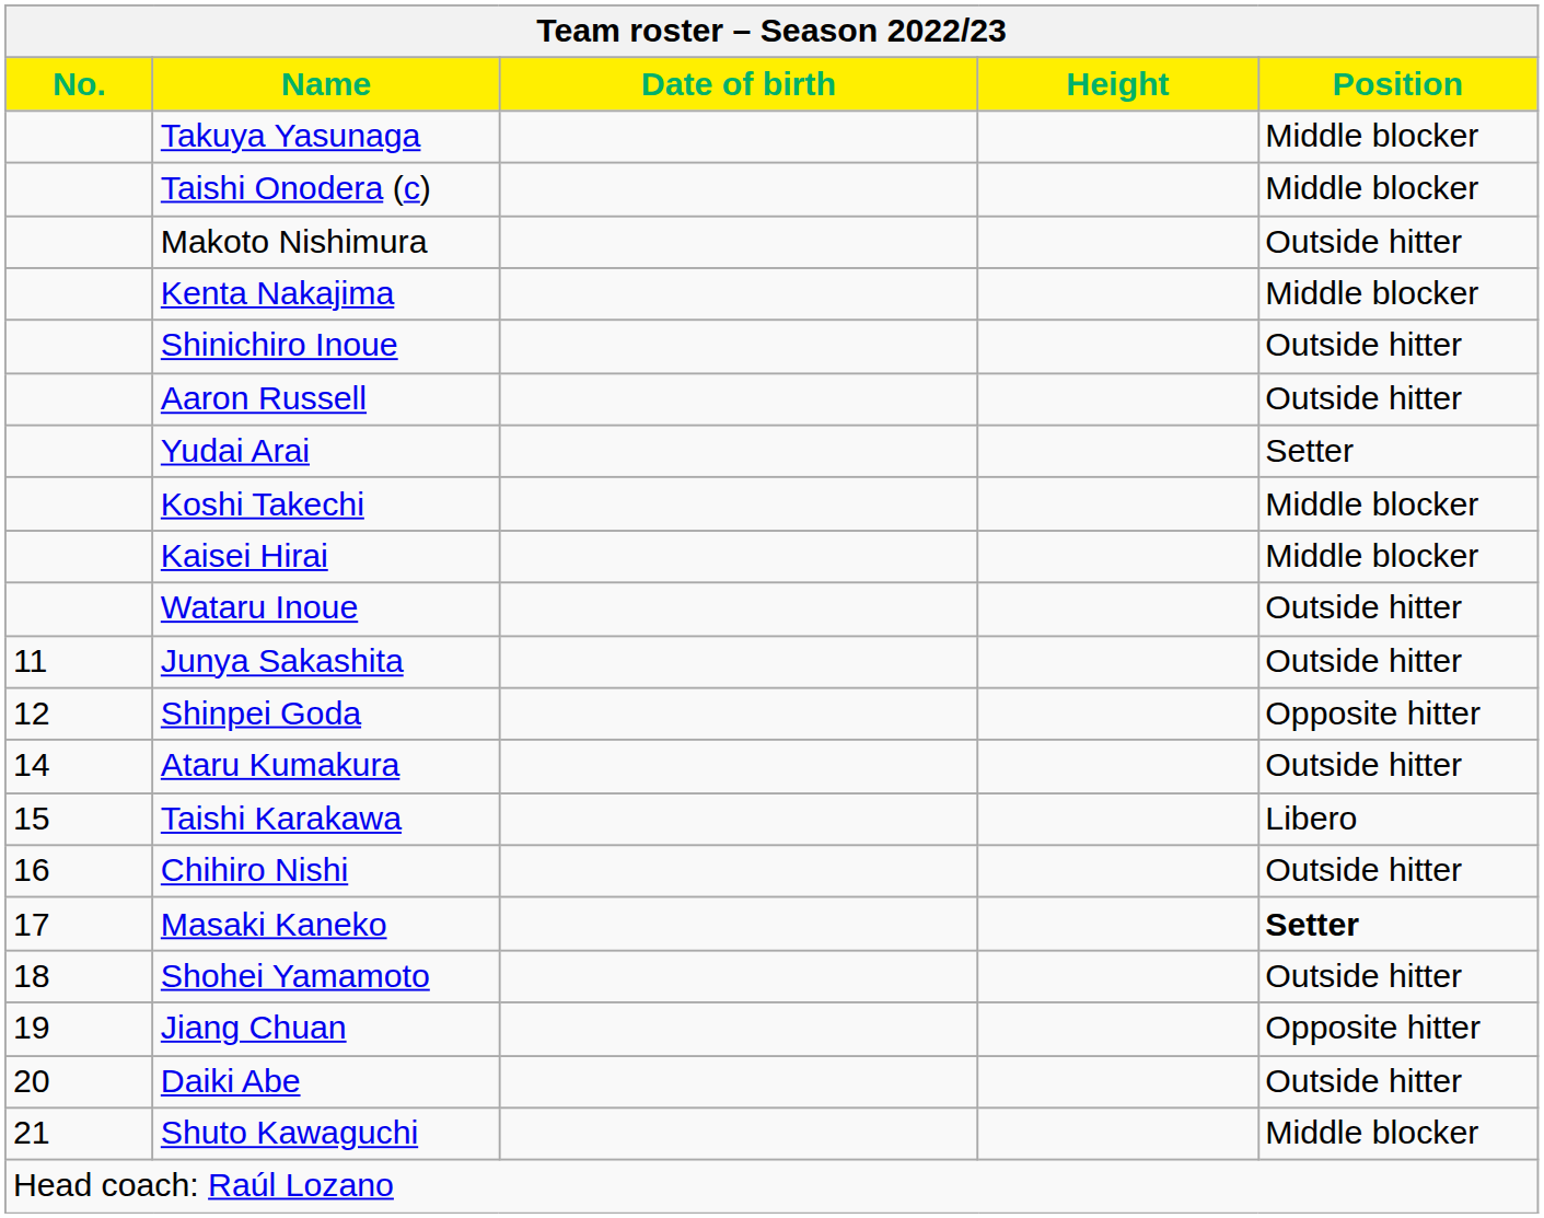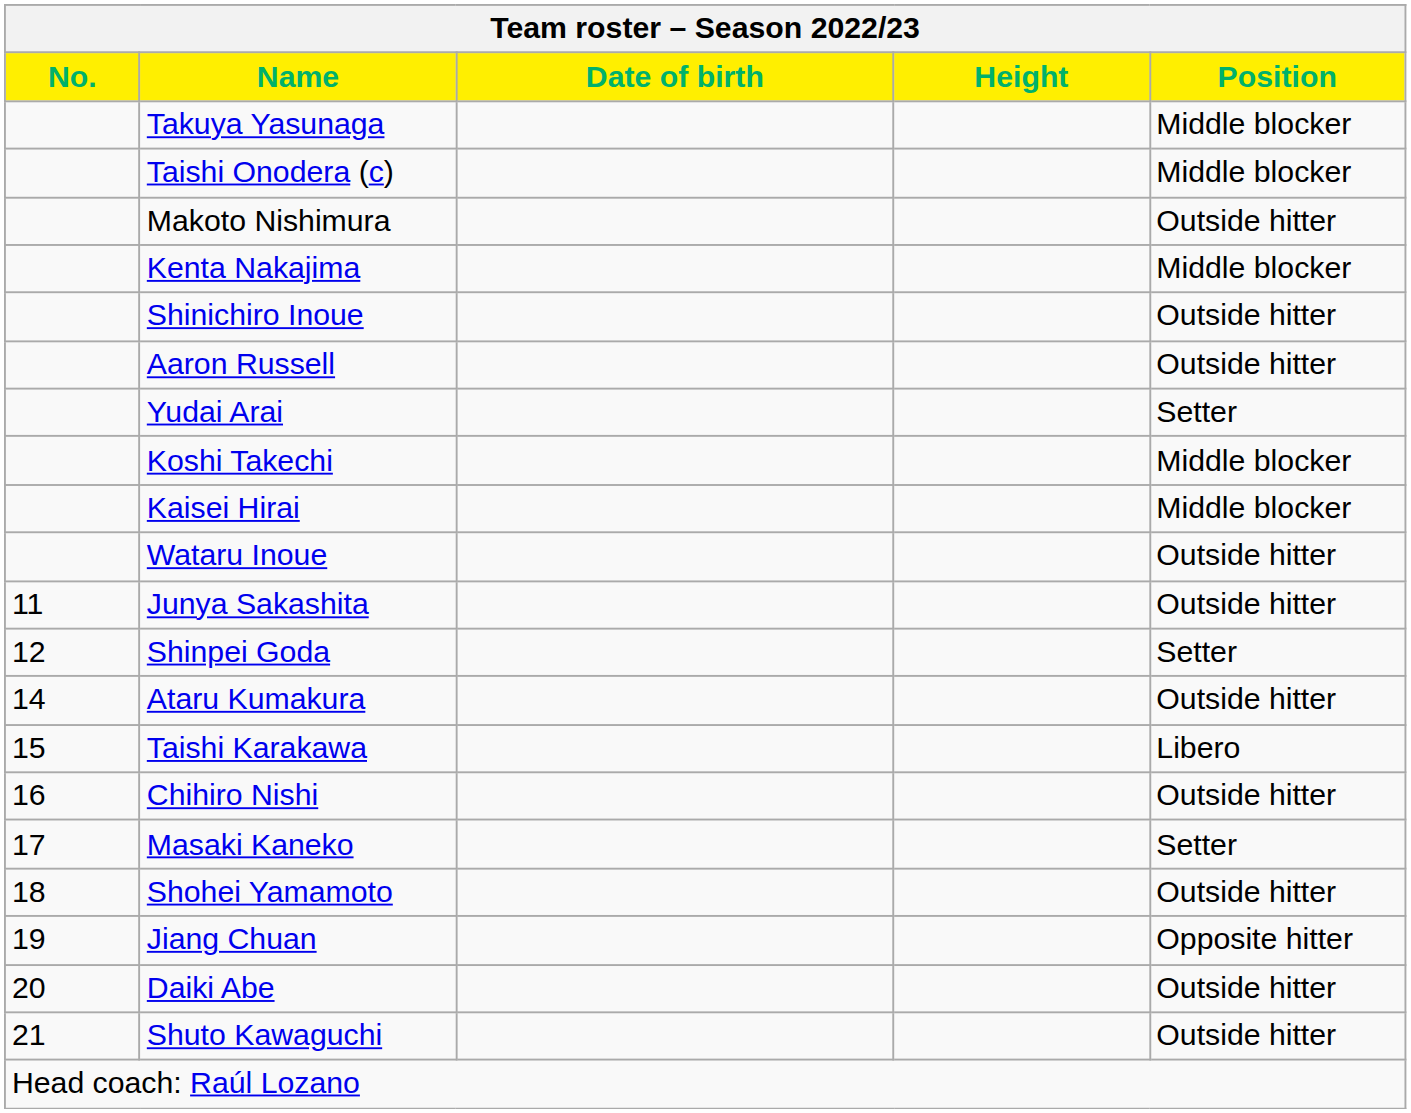 <table class="wikitable collapsible collapsed sortable" style="font-size:">
 <tr>
 <th colspan=6>Team roster – Season 2022/23</th>
 </tr>
 <tr>
 <th style="width:4em; color:#00B16B; background-color:#FFEF00">No.</th>
 <th style="width:10em; color:#00B16B; background-color:#FFEF00">Name</th>
 <th style="width:14em; color:#00B16B; background-color:#FFEF00">Date of birth</th>
 <th style="width:8em; color:#00B16B; background-color:#FFEF00">Height</th>
 <th style="width:8em; color:#00B16B; background-color:#FFEF00">Position</th>
 </tr>
 <tr>
 <td></td>
 <td style="text-align:left;"><a href='#'>Takuya Yasunaga</a></td>
 <td style="text-align:right;"></td>
 <td></td>
 <td>Middle blocker</td>
 </tr>
 <tr>
 <td></td>
 <td style="text-align:left;"><a href='#'>Taishi Onodera</a> (<a href='#'>c</a>)</td>
 <td style="text-align:right;"></td>
 <td></td>
 <td>Middle blocker</td>
 </tr>
 <tr>
 <td></td>
 <td style="text-align:left;">Makoto Nishimura</td>
 <td style="text-align:right;"></td>
 <td></td>
 <td>Outside hitter</td>
 </tr>
 <tr>
 <td></td>
 <td style="text-align:left;"><a href='#'>Kenta Nakajima</a></td>
 <td style="text-align:right;"></td>
 <td></td>
 <td>Middle blocker</td>
 </tr>
 <tr>
 <td></td>
 <td style="text-align:left;"><a href='#'>Shinichiro Inoue</a></td>
 <td style="text-align:right;"></td>
 <td></td>
 <td>Outside hitter</td>
 </tr>
 <tr>
 <td></td>
 <td style="text-align:left;"> <a href='#'>Aaron Russell</a></td>
 <td style="text-align:right;"></td>
 <td></td>
 <td>Outside hitter</td>
 </tr>
 <tr>
 <td></td>
 <td style="text-align:left;"><a href='#'>Yudai Arai</a></td>
 <td style="text-align:right;"></td>
 <td></td>
 <td>Setter</td>
 </tr>
 <tr>
 <td></td>
 <td style="text-align:left;"><a href='#'>Koshi Takechi</a></td>
 <td style="text-align:right;"></td>
 <td></td>
 <td>Middle blocker</td>
 </tr>
 <tr>
 <td></td>
 <td style="text-align:left;"><a href='#'>Kaisei Hirai</a></td>
 <td style="text-align:right;"></td>
 <td></td>
 <td>Middle blocker</td>
 </tr>
 <tr>
 <td></td>
 <td style="text-align:left;"><a href='#'>Wataru Inoue</a></td>
 <td style="text-align:right;"></td>
 <td></td>
 <td>Outside hitter</td>
 </tr>
 <tr>
 <td>11</td>
 <td style="text-align:left;"><a href='#'>Junya Sakashita</a></td>
 <td style="text-align:right;"></td>
 <td></td>
 <td>Outside hitter</td>
 </tr>
 <tr>
 <td>12</td>
 <td style="text-align:left;"><a href='#'>Shinpei Goda</a></td>
 <td style="text-align:right;"></td>
 <td></td>
-<td>Opposite hitter</td>
+<td>Setter</td>
 </tr>
 <tr>
 <td>14</td>
 <td style="text-align:left;"><a href='#'>Ataru Kumakura</a></td>
 <td style="text-align:right;"></td>
 <td></td>
 <td>Outside hitter</td>
 </tr>
 <tr>
 <td>15</td>
 <td style="text-align:left;"><a href='#'>Taishi Karakawa</a></td>
 <td style="text-align:right;"></td>
 <td></td>
 <td>Libero</td>
 </tr>
 <tr>
 <td>16</td>
 <td style="text-align:left;"><a href='#'>Chihiro Nishi</a></td>
 <td style="text-align:right;"></td>
 <td></td>
 <td>Outside hitter</td>
 </tr>
 <tr>
 <td>17</td>
 <td style="text-align:left;"><a href='#'>Masaki Kaneko</a></td>
 <td style="text-align:right;"></td>
 <td></td>
-<td><strong>Setter</strong></td>
+<td>Setter</td>
 </tr>
 <tr>
 <td>18</td>
 <td style="text-align:left;"><a href='#'>Shohei Yamamoto</a></td>
 <td style="text-align:right;"></td>
 <td></td>
 <td>Outside hitter</td>
 </tr>
 <tr>
 <td>19</td>
 <td style="text-align:left;"> <a href='#'>Jiang Chuan</a></td>
 <td style="text-align:right;"></td>
 <td></td>
 <td>Opposite hitter</td>
 </tr>
 <tr>
 <td>20</td>
 <td style="text-align:left;"><a href='#'>Daiki Abe</a></td>
 <td style="text-align:right;"></td>
 <td></td>
 <td>Outside hitter</td>
 </tr>
 <tr>
 <td>21</td>
 <td style="text-align:left;"><a href='#'>Shuto Kawaguchi</a> </td>
 <td style="text-align:right;"></td>
 <td></td>
-<td>Middle blocker</td>
+<td>Outside hitter</td>
 </tr>
 <tr>
 <td colspan=5>Head coach:  <a href='#'>Raúl Lozano</a></td>
 </tr>
 </table>
